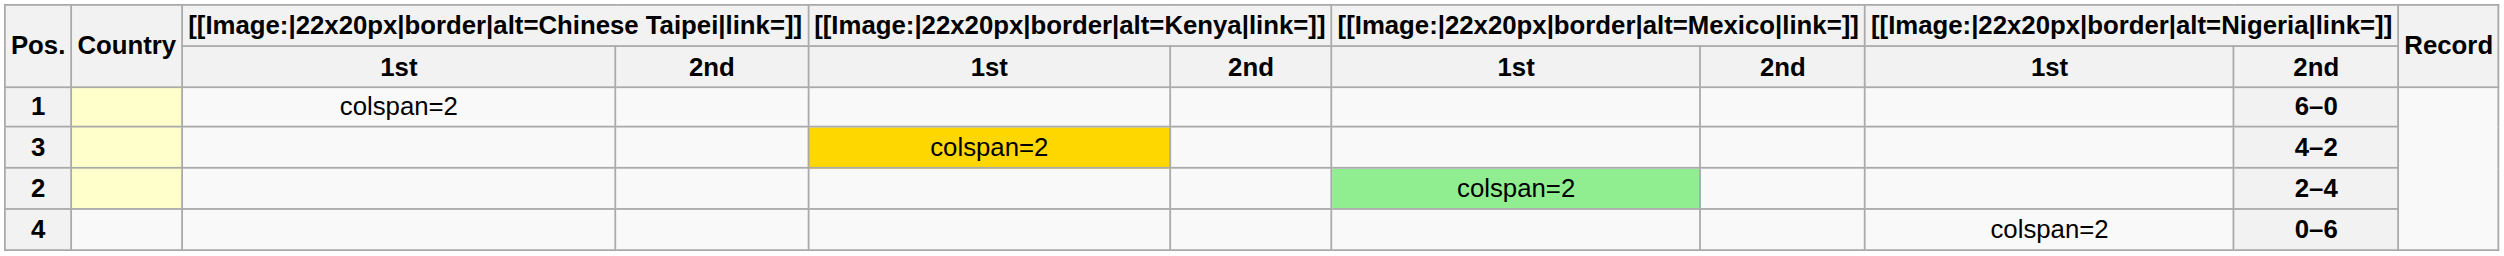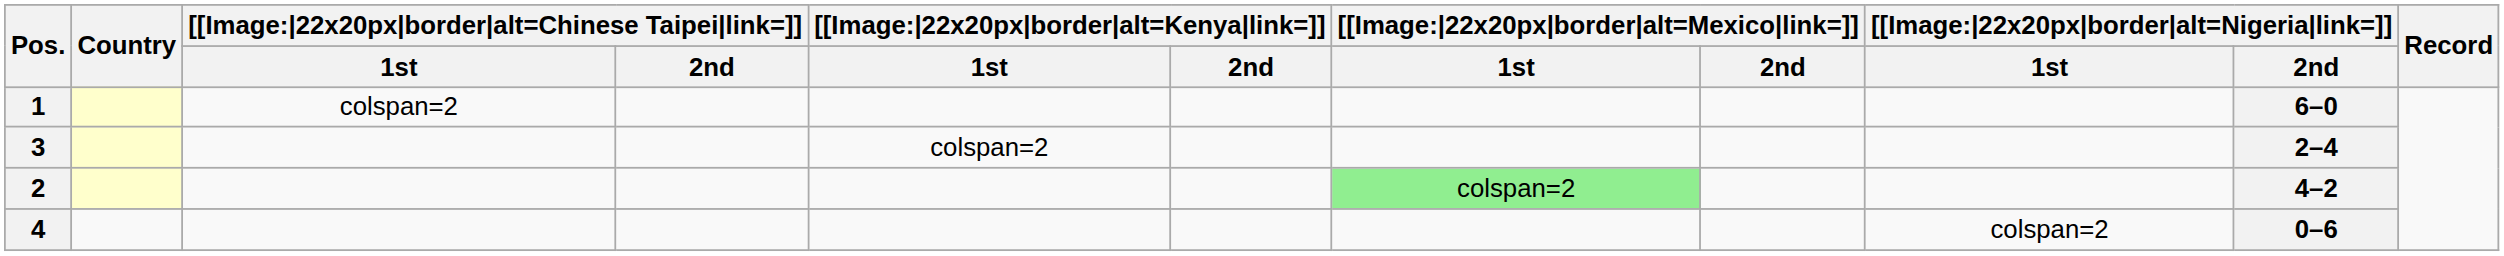 <table class="wikitable sortable nowrap" style="text-align:center; font-size:0.9em;">
 <tr>
 <th rowspan="2">Pos.</th>
 <th rowspan="2">Country</th>
 <th colspan="2">[[Image:|22x20px|border|alt=Chinese Taipei|link=]]</th>
 <th colspan="2">[[Image:|22x20px|border|alt=Kenya|link=]]</th>
 <th colspan="2">[[Image:|22x20px|border|alt=Mexico|link=]]</th>
 <th colspan="2">[[Image:|22x20px|border|alt=Nigeria|link=]]</th>
 <th rowspan="2">Record</th>
 </tr>
 <tr>
 <th>1st</th>
 <th>2nd</th>
 <th>1st</th>
 <th>2nd</th>
 <th>1st</th>
 <th>2nd</th>
 <th>1st</th>
 <th>2nd</th>
 </tr>
 <tr>
 <th>1</th>
 <td style="text-align:left; background:#ffffcc;"></td>
 <td>colspan=2 </td>
 <td></td>
 <td></td>
 <td></td>
 <td></td>
 <td></td>
 <td></td>
 <th>6–0</th>
 </tr>
 <tr>
 <th>3</th>
 <td style="text-align:left; background:#ffffcc;"></td>
 <td></td>
 <td></td>
-<td style="background: gold;">colspan=2 </td>
+<td>colspan=2 </td>
 <td></td>
 <td></td>
 <td></td>
 <td></td>
-<th>4–2</th>
+<th>2–4</th>
 </tr>
 <tr>
 <th>2</th>
 <td style="text-align:left; background:#ffffcc;"></td>
 <td></td>
 <td></td>
 <td></td>
 <td></td>
 <td style="background: lightgreen;">colspan=2 </td>
 <td></td>
 <td></td>
-<th>2–4</th>
+<th>4–2</th>
 </tr>
 <tr>
 <th>4</th>
 <td style="text-align:left;"></td>
 <td></td>
 <td></td>
 <td></td>
 <td></td>
 <td></td>
 <td></td>
 <td>colspan=2 </td>
 <th>0–6</th>
 </tr>
 </table>
